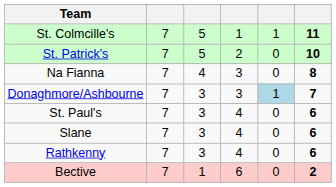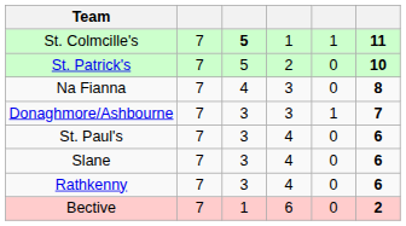 <table class="wikitable" style="text-align:center">
 <tr>
 <th width="175">Team</th>
 <th width="40"></th>
 <th width="40"></th>
 <th width="40"></th>
 <th width="40"></th>
 <th width="40"></th>
 </tr>
 <tr style="background:#cfc;">
 <td>St. Colmcille's</td>
 <td>7</td>
-<td>5</td>
+<td><strong>5</strong></td>
 <td>1</td>
 <td>1</td>
 <td><strong>11</strong></td>
 </tr>
 <tr style="background:#cfc;">
 <td><a href='#'>St. Patrick's</a></td>
 <td>7</td>
 <td>5</td>
 <td>2</td>
 <td>0</td>
 <td><strong>10</strong></td>
 </tr>
 <tr>
 <td>Na Fianna</td>
 <td>7</td>
 <td>4</td>
 <td>3</td>
 <td>0</td>
 <td><strong>8</strong></td>
 </tr>
 <tr>
 <td><a href='#'>Donaghmore/Ashbourne</a></td>
 <td>7</td>
 <td>3</td>
 <td>3</td>
-<td style="background: lightblue;">1</td>
+<td>1</td>
 <td><strong>7</strong></td>
 </tr>
 <tr>
 <td>St. Paul's</td>
 <td>7</td>
 <td>3</td>
 <td>4</td>
 <td>0</td>
 <td><strong>6</strong></td>
 </tr>
 <tr>
 <td>Slane</td>
 <td>7</td>
 <td>3</td>
 <td>4</td>
 <td>0</td>
 <td><strong>6</strong></td>
 </tr>
 <tr>
 <td><a href='#'>Rathkenny</a></td>
 <td>7</td>
 <td>3</td>
 <td>4</td>
 <td>0</td>
 <td><strong>6</strong></td>
 </tr>
 <tr style="background:#fcc;">
 <td>Bective</td>
 <td>7</td>
 <td>1</td>
 <td>6</td>
 <td>0</td>
 <td><strong>2</strong></td>
 </tr>
 </table>
